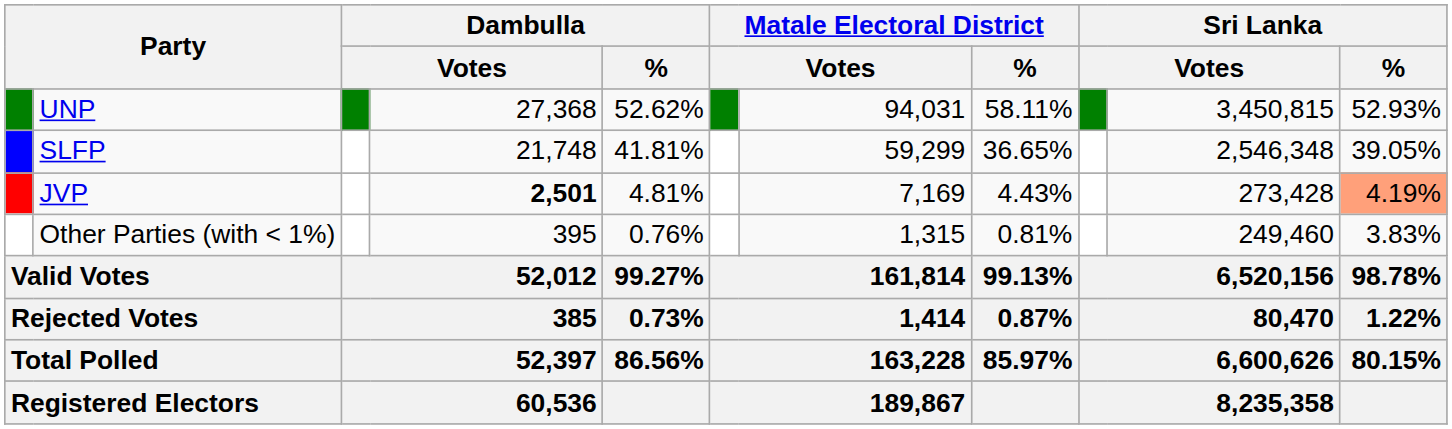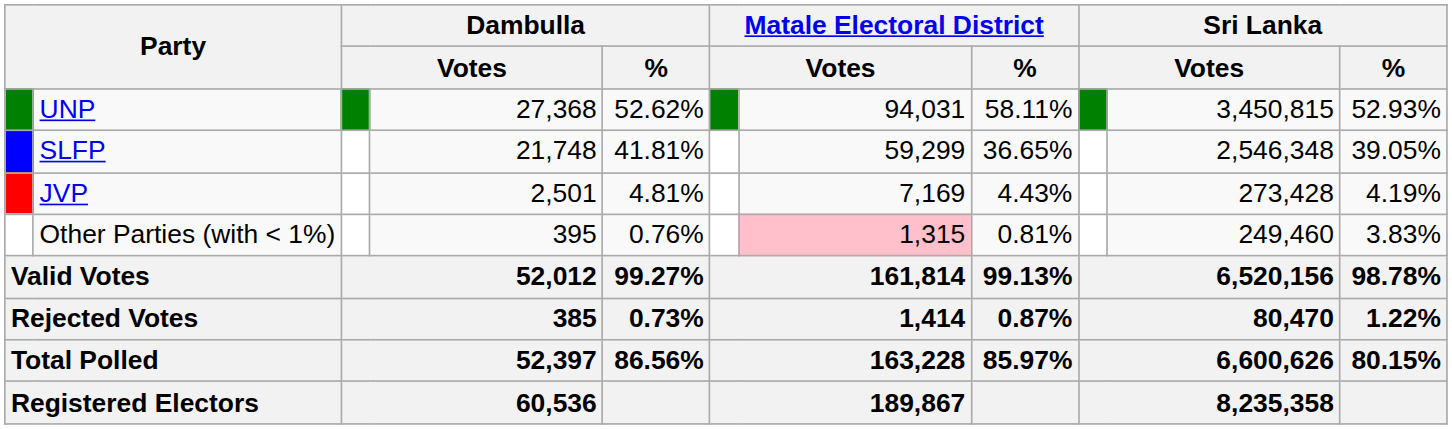 <table class="wikitable">
 <tr>
 <th colspan="2" width="144px"rowspan="2">Party</th>
 <th colspan="3" width="216px">Dambulla</th>
 <th colspan="3" width="216px"><a href='#'>Matale Electoral District</a></th>
 <th colspan="3" width="216px">Sri Lanka</th>
 </tr>
 <tr>
 <th colspan="2" width="144px">Votes</th>
 <th>%</th>
 <th colspan="2" width="144px">Votes</th>
 <th>%</th>
 <th colspan="2" width="144px">Votes</th>
 <th>%</th>
 </tr>
 <tr>
 <td style="background-color:green;" width="10px"></td>
 <td style="text-align:left;"><a href='#'>UNP</a></td>
 <td style="background-color:green;" width="10px"></td>
 <td style="text-align:right;">27,368</td>
 <td style="text-align:right;">52.62%</td>
 <td style="background-color:green;" width="10px"></td>
 <td style="text-align:right;">94,031</td>
 <td style="text-align:right;">58.11%</td>
 <td style="background-color:green;" width="10px"></td>
 <td style="text-align:right;">3,450,815</td>
 <td style="text-align:right;">52.93%</td>
 </tr>
 <tr>
 <td style="background-color:blue;" width="10px"></td>
 <td style="text-align:left;"><a href='#'>SLFP</a></td>
 <td style="background-color:white;" width="10px"></td>
 <td style="text-align:right;">21,748</td>
 <td style="text-align:right;">41.81%</td>
 <td style="background-color:white;" width="10px"></td>
 <td style="text-align:right;">59,299</td>
 <td style="text-align:right;">36.65%</td>
 <td style="background-color:white;" width="10px"></td>
 <td style="text-align:right;">2,546,348</td>
 <td style="text-align:right;">39.05%</td>
 </tr>
 <tr>
 <td style="background-color:red;" width="10px"></td>
 <td style="text-align:left;"><a href='#'>JVP</a></td>
 <td style="background-color:white;" width="10px"></td>
-<td style="text-align:right;"><strong>2,501</strong></td>
+<td style="text-align:right;">2,501</td>
 <td style="text-align:right;">4.81%</td>
 <td style="background-color:white;" width="10px"></td>
 <td style="text-align:right;">7,169</td>
 <td style="text-align:right;">4.43%</td>
 <td style="background-color:white;" width="10px"></td>
 <td style="text-align:right;">273,428</td>
-<td style="background: lightsalmon; text-align:right;">4.19%</td>
+<td style="text-align:right;">4.19%</td>
 </tr>
 <tr>
 <td style="background-color:white;" width="10px"></td>
 <td style="text-align:left;">Other Parties (with < 1%)</td>
 <td style="background-color:white;" width="10px"></td>
 <td style="text-align:right;">395</td>
 <td style="text-align:right;">0.76%</td>
 <td style="background-color:white;" width="10px"></td>
-<td style="text-align:right;">1,315</td>
+<td style="background: pink; text-align:right;">1,315</td>
 <td style="text-align:right;">0.81%</td>
 <td style="background-color:white;" width="10px"></td>
 <td style="text-align:right;">249,460</td>
 <td style="text-align:right;">3.83%</td>
 </tr>
 <tr>
 <th colspan="2" width="144px"style="text-align:left;">Valid Votes</th>
 <th style="text-align:right;"colspan="2" width="144px">52,012</th>
 <th style="text-align:right;">99.27%</th>
 <th style="text-align:right;"colspan="2" width="144px">161,814</th>
 <th style="text-align:right;">99.13%</th>
 <th style="text-align:right;"colspan="2" width="144px">6,520,156</th>
 <th style="text-align:right;">98.78%</th>
 </tr>
 <tr>
 <th colspan="2" width="144px"style="text-align:left;">Rejected Votes</th>
 <th style="text-align:right;"colspan="2" width="144px">385</th>
 <th style="text-align:right;">0.73%</th>
 <th style="text-align:right;"colspan="2" width="144px">1,414</th>
 <th style="text-align:right;">0.87%</th>
 <th style="text-align:right;"colspan="2" width="144px">80,470</th>
 <th style="text-align:right;">1.22%</th>
 </tr>
 <tr>
 <th colspan="2" width="144px"style="text-align:left;">Total Polled</th>
 <th style="text-align:right;"colspan="2" width="144px">52,397</th>
 <th style="text-align:right;">86.56%</th>
 <th style="text-align:right;"colspan="2" width="144px">163,228</th>
 <th style="text-align:right;">85.97%</th>
 <th style="text-align:right;"colspan="2" width="144px">6,600,626</th>
 <th style="text-align:right;">80.15%</th>
 </tr>
 <tr>
 <th colspan="2" width="144px"style="text-align:left;">Registered Electors</th>
 <th style="text-align:right;"colspan="2" width="144px">60,536</th>
 <th></th>
 <th style="text-align:right;"colspan="2" width="144px">189,867</th>
 <th></th>
 <th style="text-align:right;"colspan="2" width="144px">8,235,358</th>
 <th></th>
 </tr>
 </table>
